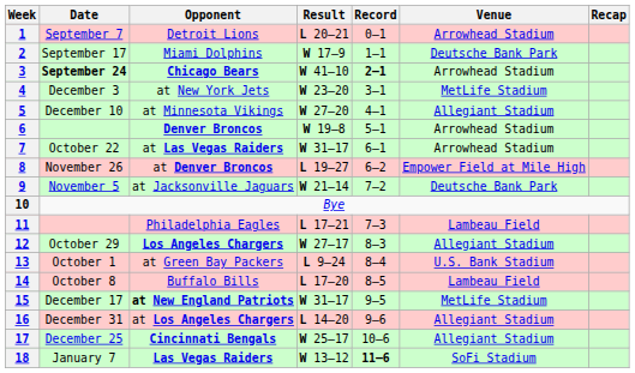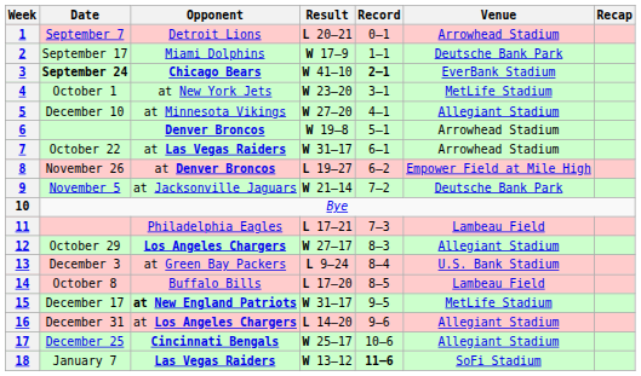 <table class="wikitable" style="text-align:center">
 <tr>
 <th>Week</th>
 <th>Date</th>
 <th>Opponent</th>
 <th>Result</th>
 <th>Record</th>
 <th>Venue</th>
 <th>Recap</th>
 </tr>
 <tr style="background:#fcc">
 <th><a href='#'>1</a></th>
 <td><a href='#'>September 7</a></td>
 <td><a href='#'>Detroit Lions</a></td>
 <td><strong>L</strong> 20–21</td>
 <td>0–1</td>
 <td><a href='#'>Arrowhead Stadium</a></td>
 <td></td>
 </tr>
 <tr style="background:#cfc">
 <th><a href='#'>2</a></th>
 <td>September 17</td>
 <td><a href='#'>Miami Dolphins</a></td>
 <td><strong>W</strong> 17–9</td>
 <td>1–1</td>
 <td> <a href='#'>Deutsche Bank Park</a> </td>
 <td></td>
 </tr>
 <tr style="background:#cfc">
 <th><a href='#'>3</a></th>
 <td><strong>September 24</strong></td>
 <td><strong><a href='#'>Chicago Bears</a></strong></td>
 <td><strong>W</strong> 41–10</td>
 <td><strong>2–1</strong></td>
-<td>Arrowhead Stadium</td>
+<td><a href='#'>EverBank Stadium</a></td>
 <td></td>
 </tr>
 <tr style="background:#cfc">
 <th><a href='#'>4</a></th>
-<td>December 3</td>
+<td>October 1</td>
 <td>at <a href='#'>New York Jets</a></td>
 <td><strong>W</strong> 23–20</td>
 <td>3–1</td>
 <td><a href='#'>MetLife Stadium</a></td>
 <td></td>
 </tr>
 <tr style="background:#cfc">
 <th><a href='#'>5</a></th>
 <td>December 10</td>
 <td>at <a href='#'>Minnesota Vikings</a></td>
 <td><strong>W</strong> 27–20</td>
 <td>4–1</td>
 <td><a href='#'>Allegiant Stadium</a></td>
 <td></td>
 </tr>
 <tr style="background:#cfc">
 <th><a href='#'>6</a></th>
 <td></td>
 <td><strong><a href='#'>Denver Broncos</a></strong></td>
 <td><strong>W</strong> 19–8</td>
 <td>5–1</td>
 <td>Arrowhead Stadium</td>
 <td></td>
 </tr>
 <tr style="background:#cfc">
 <th><a href='#'>7</a></th>
 <td>October 22</td>
 <td>at <strong><a href='#'>Las Vegas Raiders</a></strong></td>
 <td><strong>W</strong> 31–17</td>
 <td>6–1</td>
 <td>Arrowhead Stadium</td>
 <td></td>
 </tr>
 <tr style="background:#fcc">
 <th><a href='#'>8</a></th>
 <td>November 26</td>
 <td>at <strong><a href='#'>Denver Broncos</a></strong></td>
 <td><strong>L</strong> 19–27</td>
 <td>6–2</td>
 <td><a href='#'>Empower Field at Mile High</a></td>
 <td></td>
 </tr>
 <tr style="background:#cfc">
 <th><a href='#'>9</a></th>
 <td><a href='#'>November 5</a></td>
 <td>at <a href='#'>Jacksonville Jaguars</a></td>
 <td><strong>W</strong> 21–14</td>
 <td>7–2</td>
 <td> <a href='#'>Deutsche Bank Park</a> </td>
 <td></td>
 </tr>
 <tr>
 <th>10</th>
 <td colspan="6"><em><a href='#'>Bye</a></em></td>
 </tr>
 <tr style="background:#fcc">
 <th><a href='#'>11</a></th>
 <td></td>
 <td><a href='#'>Philadelphia Eagles</a></td>
 <td><strong>L</strong> 17–21</td>
 <td>7–3</td>
 <td><a href='#'>Lambeau Field</a></td>
 <td></td>
 </tr>
 <tr style="background:#cfc">
 <th><a href='#'>12</a></th>
 <td>October 29</td>
 <td><strong><a href='#'>Los Angeles Chargers</a></strong></td>
 <td><strong>W</strong> 27–17</td>
 <td>8–3</td>
 <td><a href='#'>Allegiant Stadium</a></td>
 <td></td>
 </tr>
 <tr style="background:#fcc">
 <th><a href='#'>13</a></th>
-<td>October 1</td>
+<td>December 3</td>
 <td>at <a href='#'>Green Bay Packers</a></td>
 <td><strong>L</strong> 9–24</td>
 <td>8–4</td>
 <td><a href='#'>U.S. Bank Stadium</a></td>
 <td></td>
 </tr>
 <tr style="background:#fcc">
 <th><a href='#'>14</a></th>
 <td>October 8</td>
 <td><a href='#'>Buffalo Bills</a></td>
 <td><strong>L</strong> 17–20</td>
 <td>8–5</td>
 <td><a href='#'>Lambeau Field</a></td>
 <td></td>
 </tr>
 <tr style="background:#cfc">
 <th><a href='#'>15</a></th>
 <td>December 17</td>
 <td><strong>at <a href='#'>New England Patriots</a></strong></td>
 <td><strong>W</strong> 31–17</td>
 <td>9–5</td>
 <td><a href='#'>MetLife Stadium</a></td>
 <td></td>
 </tr>
 <tr style="background:#fcc">
 <th><a href='#'>16</a></th>
 <td>December 31</td>
 <td>at <strong><a href='#'>Los Angeles Chargers</a></strong></td>
 <td><strong>L</strong> 14–20</td>
 <td>9–6</td>
 <td><a href='#'>Allegiant Stadium</a></td>
 <td></td>
 </tr>
 <tr style="background:#cfc">
 <th><a href='#'>17</a></th>
 <td><a href='#'>December 25</a></td>
 <td><strong><a href='#'>Cincinnati Bengals</a></strong></td>
 <td><strong>W</strong> 25–17</td>
 <td>10–6</td>
 <td><a href='#'>Allegiant Stadium</a></td>
 <td></td>
 </tr>
 <tr style="background:#cfc">
 <th><a href='#'>18</a></th>
 <td>January 7</td>
 <td><strong><a href='#'>Las Vegas Raiders</a></strong></td>
 <td><strong>W</strong> 13–12</td>
 <td><strong>11–6</strong></td>
 <td><a href='#'>SoFi Stadium</a></td>
 <td></td>
 </tr>
 </table>
